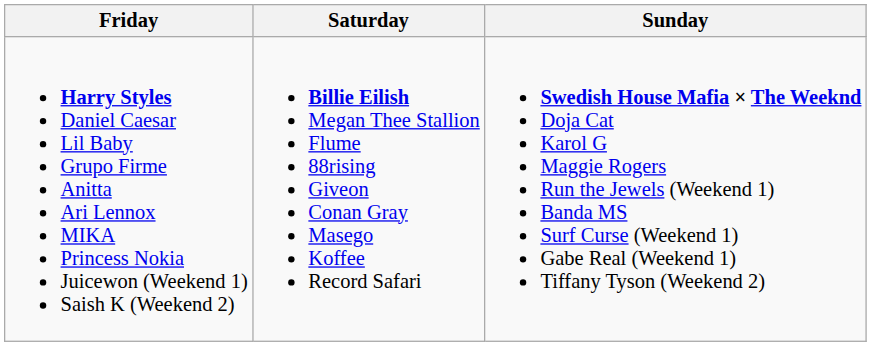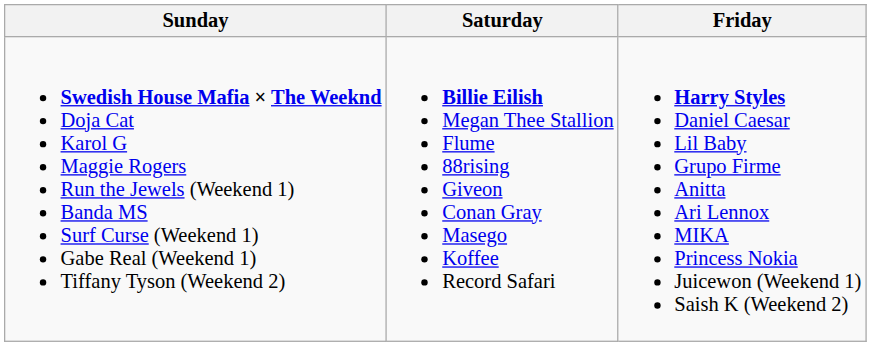 <table class="wikitable">
 <tr>
+<th>Sunday</th>
+<th>Saturday</th>
 <th>Friday</th>
-<th>Saturday</th>
-<th>Sunday</th>
 </tr>
 <tr valign="top">
+<td><br><ul><li><strong><a href='#'>Swedish House Mafia</a> × <a href='#'>The Weeknd</a></strong></li><li><a href='#'>Doja Cat</a></li><li><a href='#'>Karol G</a></li><li><a href='#'>Maggie Rogers</a></li><li><a href='#'>Run the Jewels</a> (Weekend 1)</li><li><a href='#'>Banda MS</a></li><li><a href='#'>Surf Curse</a> (Weekend 1)</li><li>Gabe Real (Weekend 1)</li><li>Tiffany Tyson (Weekend 2)</li></ul></td>
+<td><br><ul><li><strong><a href='#'>Billie Eilish</a></strong></li><li><a href='#'>Megan Thee Stallion</a></li><li><a href='#'>Flume</a></li><li><a href='#'>88rising</a></li><li><a href='#'>Giveon</a></li><li><a href='#'>Conan Gray</a></li><li><a href='#'>Masego</a></li><li><a href='#'>Koffee</a></li><li>Record Safari</li></ul></td>
 <td><br><ul><li><strong><a href='#'>Harry Styles</a></strong></li><li><a href='#'>Daniel Caesar</a></li><li><a href='#'>Lil Baby</a></li><li><a href='#'>Grupo Firme</a></li><li><a href='#'>Anitta</a></li><li><a href='#'>Ari Lennox</a></li><li><a href='#'>MIKA</a></li><li><a href='#'>Princess Nokia</a></li><li>Juicewon (Weekend 1)</li><li>Saish K (Weekend 2)</li></ul></td>
-<td><br><ul><li><strong><a href='#'>Billie Eilish</a></strong></li><li><a href='#'>Megan Thee Stallion</a></li><li><a href='#'>Flume</a></li><li><a href='#'>88rising</a></li><li><a href='#'>Giveon</a></li><li><a href='#'>Conan Gray</a></li><li><a href='#'>Masego</a></li><li><a href='#'>Koffee</a></li><li>Record Safari</li></ul></td>
-<td><br><ul><li><strong><a href='#'>Swedish House Mafia</a> × <a href='#'>The Weeknd</a></strong></li><li><a href='#'>Doja Cat</a></li><li><a href='#'>Karol G</a></li><li><a href='#'>Maggie Rogers</a></li><li><a href='#'>Run the Jewels</a> (Weekend 1)</li><li><a href='#'>Banda MS</a></li><li><a href='#'>Surf Curse</a> (Weekend 1)</li><li>Gabe Real (Weekend 1)</li><li>Tiffany Tyson (Weekend 2)</li></ul></td>
 </tr>
 </table>
